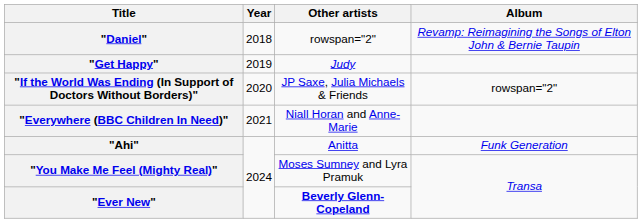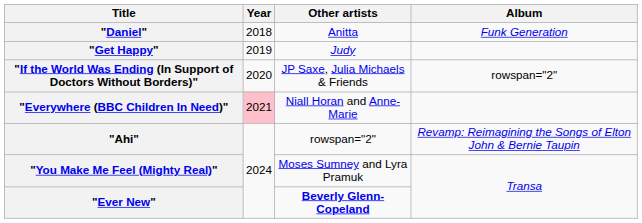 <table class="wikitable plainrowheaders" style="text-align:center;" border="1">
 <tr>
 <th scope="col" style="width:20em;">Title</th>
 <th scope="col" style="width:1em;">Year</th>
 <th scope="col">Other artists</th>
 <th scope="col">Album</th>
 </tr>
 <tr>
 <th scope="row">"<a href='#'>Daniel</a>"</th>
 <td>2018</td>
-<td>rowspan="2" </td>
-<td><em><a href='#'>Revamp: Reimagining the Songs of Elton John & Bernie Taupin</a></em></td>
+<td><a href='#'>Anitta</a></td>
+<td><em><a href='#'>Funk Generation</a></em></td>
 </tr>
 <tr>
 <th scope="row">"<a href='#'>Get Happy</a>"</th>
 <td>2019</td>
 <td><em><a href='#'>Judy</a></em></td>
 </tr>
 <tr>
 <th scope="row">"<a href='#'>If the World Was Ending</a> (In Support of Doctors Without Borders)"</th>
 <td>2020</td>
 <td><a href='#'>JP Saxe</a>, <a href='#'>Julia Michaels</a> & Friends</td>
 <td>rowspan="2" </td>
 </tr>
 <tr>
 <th scope="row">"<a href='#'>Everywhere</a> (<a href='#'>BBC Children In Need</a>)"</th>
-<td>2021</td>
+<td style="background: pink;">2021</td>
 <td><a href='#'>Niall Horan</a> and <a href='#'>Anne-Marie</a></td>
 </tr>
 <tr>
 <th scope="row">"Ahi"</th>
 <td rowspan="3">2024</td>
-<td><a href='#'>Anitta</a></td>
-<td><em><a href='#'>Funk Generation</a></em></td>
+<td>rowspan="2" </td>
+<td><em><a href='#'>Revamp: Reimagining the Songs of Elton John & Bernie Taupin</a></em></td>
 </tr>
 <tr>
 <th scope="row">"<a href='#'>You Make Me Feel (Mighty Real)</a>"</th>
 <td><a href='#'>Moses Sumney</a> and Lyra Pramuk</td>
 <td rowspan="2"><em><a href='#'>Transa</a></em></td>
 </tr>
 <tr>
 <th scope="row">"<a href='#'>Ever New</a>"</th>
 <td><strong><a href='#'>Beverly Glenn-Copeland</a></strong></td>
 </tr>
 </table>
